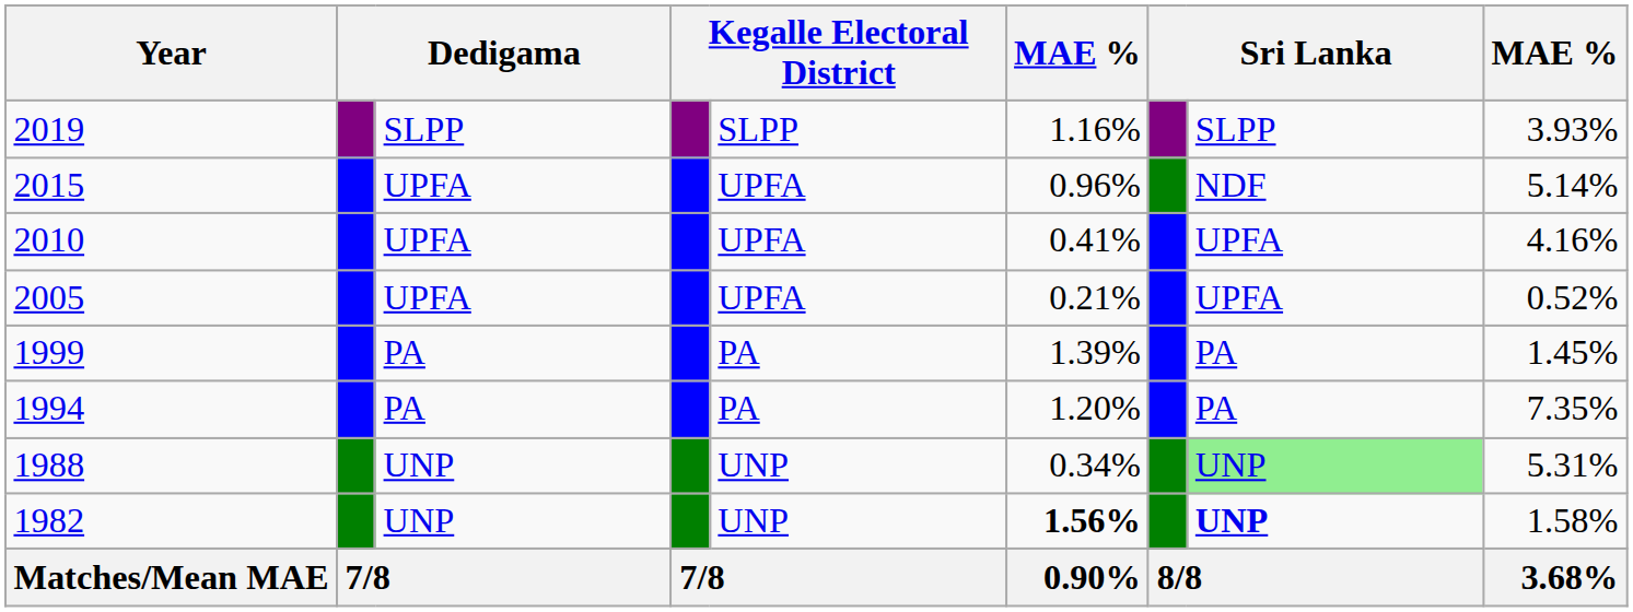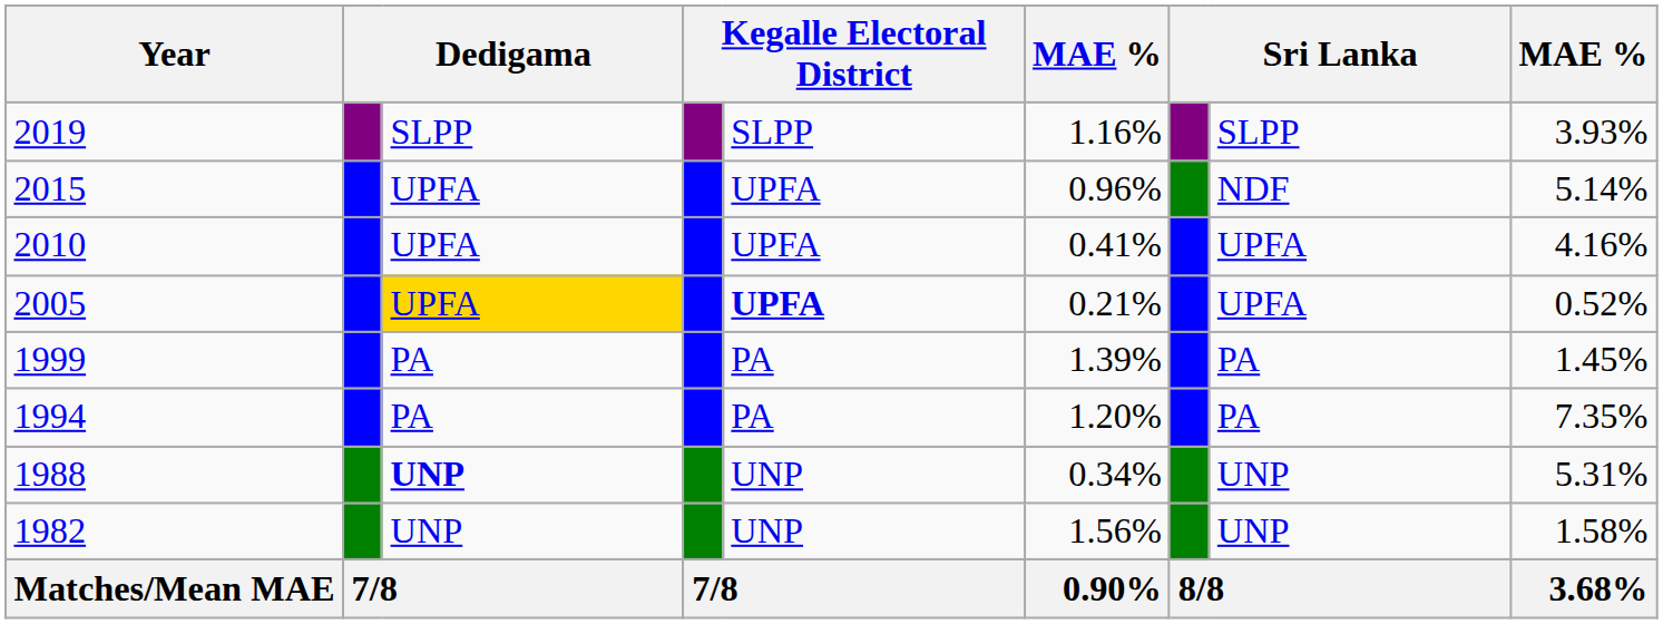 <table class="wikitable">
 <tr>
 <th>Year</th>
 <th colspan="2" width="144px">Dedigama</th>
 <th colspan="2" width="144px"><a href='#'>Kegalle Electoral District</a></th>
 <th><a href='#'>MAE</a> %</th>
 <th colspan="2" width="144px">Sri Lanka</th>
 <th>MAE %</th>
 </tr>
 <tr>
 <td><a href='#'>2019</a></td>
 <td style="background-color:purple;" width="10px"></td>
 <td style="text-align:left;"><a href='#'>SLPP</a></td>
 <td style="background-color:purple;" width="10px"></td>
 <td style="text-align:left;"><a href='#'>SLPP</a></td>
 <td style="text-align:right;">1.16%</td>
 <td style="background-color:purple;" width="10px"></td>
 <td style="text-align:left;"><a href='#'>SLPP</a></td>
 <td style="text-align:right;">3.93%</td>
 </tr>
 <tr>
 <td><a href='#'>2015</a></td>
 <td style="background-color:blue;" width="10px"></td>
 <td style="text-align:left;"><a href='#'>UPFA</a></td>
 <td style="background-color:blue;" width="10px"></td>
 <td style="text-align:left;"><a href='#'>UPFA</a></td>
 <td style="text-align:right;">0.96%</td>
 <td style="background-color:green;" width="10px"></td>
 <td style="text-align:left;"><a href='#'>NDF</a></td>
 <td style="text-align:right;">5.14%</td>
 </tr>
 <tr>
 <td><a href='#'>2010</a></td>
 <td style="background-color:blue;" width="10px"></td>
 <td style="text-align:left;"><a href='#'>UPFA</a></td>
 <td style="background-color:blue;" width="10px"></td>
 <td style="text-align:left;"><a href='#'>UPFA</a></td>
 <td style="text-align:right;">0.41%</td>
 <td style="background-color:blue;" width="10px"></td>
 <td style="text-align:left;"><a href='#'>UPFA</a></td>
 <td style="text-align:right;">4.16%</td>
 </tr>
 <tr>
 <td><a href='#'>2005</a></td>
 <td style="background-color:blue;" width="10px"></td>
-<td style="text-align:left;"><a href='#'>UPFA</a></td>
+<td style="background: gold; text-align:left;"><a href='#'>UPFA</a></td>
 <td style="background-color:blue;" width="10px"></td>
-<td style="text-align:left;"><a href='#'>UPFA</a></td>
+<td style="text-align:left;"><strong><a href='#'>UPFA</a></strong></td>
 <td style="text-align:right;">0.21%</td>
 <td style="background-color:blue;" width="10px"></td>
 <td style="text-align:left;"><a href='#'>UPFA</a></td>
 <td style="text-align:right;">0.52%</td>
 </tr>
 <tr>
 <td><a href='#'>1999</a></td>
 <td style="background-color:blue;" width="10px"></td>
 <td style="text-align:left;"><a href='#'>PA</a></td>
 <td style="background-color:blue;" width="10px"></td>
 <td style="text-align:left;"><a href='#'>PA</a></td>
 <td style="text-align:right;">1.39%</td>
 <td style="background-color:blue;" width="10px"></td>
 <td style="text-align:left;"><a href='#'>PA</a></td>
 <td style="text-align:right;">1.45%</td>
 </tr>
 <tr>
 <td><a href='#'>1994</a></td>
 <td style="background-color:blue;" width="10px"></td>
 <td style="text-align:left;"><a href='#'>PA</a></td>
 <td style="background-color:blue;" width="10px"></td>
 <td style="text-align:left;"><a href='#'>PA</a></td>
 <td style="text-align:right;">1.20%</td>
 <td style="background-color:blue;" width="10px"></td>
 <td style="text-align:left;"><a href='#'>PA</a></td>
 <td style="text-align:right;">7.35%</td>
 </tr>
 <tr>
 <td><a href='#'>1988</a></td>
 <td style="background-color:green;" width="10px"></td>
-<td style="text-align:left;"><a href='#'>UNP</a></td>
+<td style="text-align:left;"><strong><a href='#'>UNP</a></strong></td>
 <td style="background-color:green;" width="10px"></td>
 <td style="text-align:left;"><a href='#'>UNP</a></td>
 <td style="text-align:right;">0.34%</td>
 <td style="background-color:green;" width="10px"></td>
-<td style="background: lightgreen; text-align:left;"><a href='#'>UNP</a></td>
+<td style="text-align:left;"><a href='#'>UNP</a></td>
 <td style="text-align:right;">5.31%</td>
 </tr>
 <tr>
 <td><a href='#'>1982</a></td>
 <td style="background-color:green;" width="10px"></td>
 <td style="text-align:left;"><a href='#'>UNP</a></td>
 <td style="background-color:green;" width="10px"></td>
 <td style="text-align:left;"><a href='#'>UNP</a></td>
-<td style="text-align:right;"><strong>1.56%</strong></td>
+<td style="text-align:right;">1.56%</td>
 <td style="background-color:green;" width="10px"></td>
-<td style="text-align:left;"><strong><a href='#'>UNP</a></strong></td>
+<td style="text-align:left;"><a href='#'>UNP</a></td>
 <td style="text-align:right;">1.58%</td>
 </tr>
 <tr>
 <th>Matches/Mean MAE</th>
 <th style="text-align:left;"colspan="2" width="144px">7/8</th>
 <th style="text-align:left;"colspan="2" width="144px">7/8</th>
 <th style="text-align:right;">0.90%</th>
 <th style="text-align:left;"colspan="2" width="144px">8/8</th>
 <th style="text-align:right;">3.68%</th>
 </tr>
 </table>
